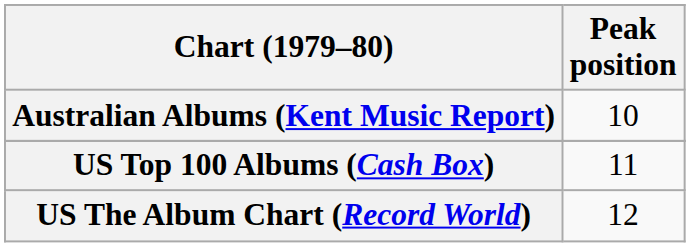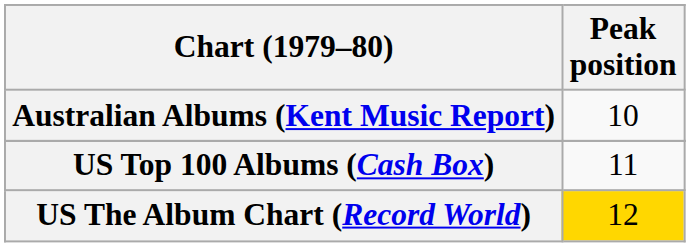 <table class="wikitable sortable plainrowheaders" style="text-align:center">
 <tr>
 <th scope="col">Chart (1979–80)</th>
 <th scope="col">Peak<br>position</th>
 </tr>
 <tr>
 <th scope="row">Australian Albums (<a href='#'>Kent Music Report</a>)</th>
 <td>10</td>
 </tr>
 <tr>
 </tr>
 <tr>
 </tr>
 <tr>
 </tr>
 <tr>
 </tr>
 <tr>
 </tr>
 <tr>
 </tr>
 <tr>
 </tr>
 <tr>
 <th scope="row">US Top 100 Albums (<em><a href='#'>Cash Box</a></em>)</th>
 <td>11</td>
 </tr>
 <tr>
 <th scope="row">US The Album Chart (<em><a href='#'>Record World</a></em>)</th>
-<td>12</td>
+<td style="background: gold;">12</td>
 </tr>
 </table>
